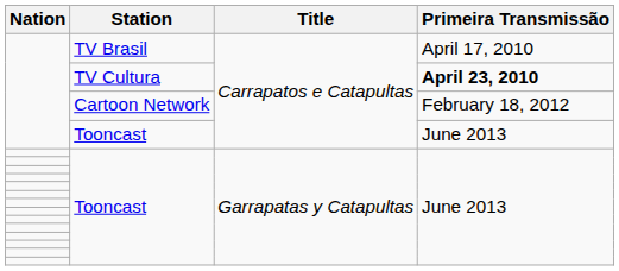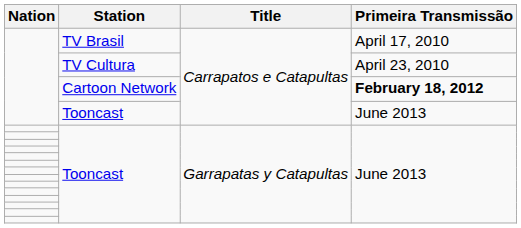 <table class="wikitable" style="margin-bottom: 10px;">
 <tr>
 <th>Nation</th>
 <th>Station</th>
 <th>Title</th>
 <th>Primeira Transmissão</th>
 </tr>
 <tr>
 <td rowspan="4"></td>
 <td><a href='#'>TV Brasil</a></td>
 <td rowspan="4"><em>Carrapatos e Catapultas</em></td>
 <td>April 17, 2010</td>
 </tr>
 <tr>
 <td><a href='#'>TV Cultura</a></td>
-<td><strong>April 23, 2010</strong></td>
+<td>April 23, 2010</td>
 </tr>
 <tr>
 <td><a href='#'>Cartoon Network</a></td>
-<td>February 18, 2012</td>
+<td><strong>February 18, 2012</strong></td>
 </tr>
 <tr>
 <td><a href='#'>Tooncast</a></td>
 <td>June 2013</td>
 </tr>
 <tr>
 <td></td>
 <td rowspan="14"><a href='#'>Tooncast</a></td>
 <td rowspan="14"><em>Garrapatas y Catapultas</em></td>
 <td rowspan="14">June 2013</td>
 </tr>
 <tr>
 <td></td>
 </tr>
 <tr>
 <td></td>
 </tr>
 <tr>
 <td></td>
 </tr>
 <tr>
 <td></td>
 </tr>
 <tr>
 <td></td>
 </tr>
 <tr>
 <td></td>
 </tr>
 <tr>
 <td></td>
 </tr>
 <tr>
 <td></td>
 </tr>
 <tr>
 <td></td>
 </tr>
 <tr>
 <td></td>
 </tr>
 <tr>
 <td></td>
 </tr>
 <tr>
 <td></td>
 </tr>
 <tr>
 <td></td>
 </tr>
 </table>
